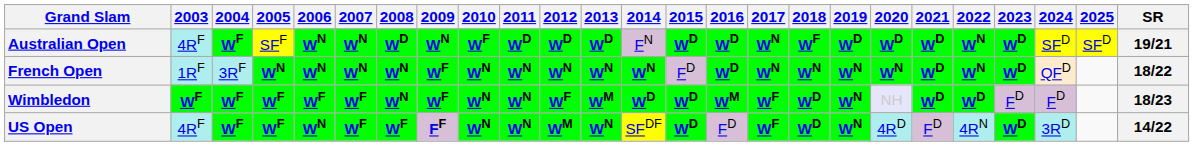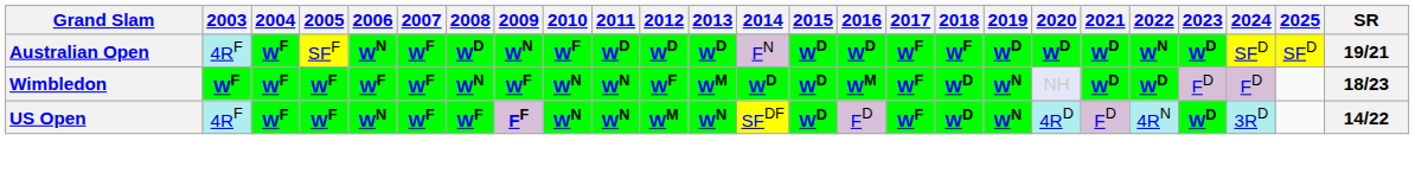 <table class="wikitable nowrap" style="text-align:center; font-size:90%">
 <tr>
 <th width="150"><a href='#'>Grand Slam</a></th>
 <th><a href='#'>2003</a></th>
 <th><a href='#'>2004</a></th>
 <th><a href='#'>2005</a></th>
 <th><a href='#'>2006</a></th>
 <th><a href='#'>2007</a></th>
 <th><a href='#'>2008</a></th>
 <th><a href='#'>2009</a></th>
 <th><a href='#'>2010</a></th>
 <th><a href='#'>2011</a></th>
 <th><a href='#'>2012</a></th>
 <th><a href='#'>2013</a></th>
 <th><a href='#'>2014</a></th>
 <th><a href='#'>2015</a></th>
 <th><a href='#'>2016</a></th>
 <th><a href='#'>2017</a></th>
 <th><a href='#'>2018</a></th>
 <th><a href='#'>2019</a></th>
 <th><a href='#'>2020</a></th>
 <th><a href='#'>2021</a></th>
 <th><a href='#'>2022</a></th>
 <th><a href='#'>2023</a></th>
 <th><a href='#'>2024</a></th>
 <th><a href='#'>2025</a></th>
 <th width="60">SR</th>
 </tr>
 <tr>
 <th scope="row" style="text-align:left"><a href='#'>Australian Open</a></th>
 <td style="background-color:#afeeee"><a href='#'>4R</a><sup>F</sup></td>
 <td style="background-color:lime"><a href='#'><strong>W</strong></a><strong><sup>F</sup></strong></td>
 <td style="background-color:yellow"><a href='#'>SF</a><sup>F</sup></td>
 <td style="background-color:lime"><a href='#'><strong>W</strong></a><strong><sup>N</sup></strong></td>
-<td style="background-color:lime"><a href='#'><strong>W</strong></a><strong><sup>N</sup></strong></td>
+<td style="background-color:lime"><a href='#'><strong>W</strong></a><strong><sup>F</sup></strong></td>
 <td style="background-color:lime"><a href='#'><strong>W</strong></a><strong><sup>D</sup></strong></td>
 <td style="background-color:lime"><a href='#'><strong>W</strong></a><strong><sup>N</sup></strong></td>
 <td style="background-color:lime"><a href='#'><strong>W</strong></a><strong><sup>F</sup></strong></td>
 <td style="background-color:lime"><a href='#'><strong>W</strong></a><strong><sup>D</sup></strong></td>
 <td style="background-color:lime"><a href='#'><strong>W</strong></a><strong><sup>D</sup></strong></td>
 <td style="background-color:lime"><a href='#'><strong>W</strong></a><strong><sup>D</sup></strong></td>
 <td style="background-color:thistle"><a href='#'>F</a><sup>N</sup></td>
 <td style="background-color:lime"><a href='#'><strong>W</strong></a><strong><sup>D</sup></strong></td>
 <td style="background-color:lime"><a href='#'><strong>W</strong></a><strong><sup>D</sup></strong></td>
-<td style="background-color:lime"><a href='#'><strong>W</strong></a><strong><sup>N</sup></strong></td>
+<td style="background-color:lime"><a href='#'><strong>W</strong></a><strong><sup>F</sup></strong></td>
 <td style="background-color:lime"><a href='#'><strong>W</strong></a><strong><sup>F</sup></strong></td>
 <td style="background-color:lime"><a href='#'><strong>W</strong></a><strong><sup>D</sup></strong></td>
 <td style="background-color:lime"><a href='#'><strong>W</strong></a><strong><sup>D</sup></strong></td>
 <td style="background-color:lime"><a href='#'><strong>W</strong></a><strong><sup>D</sup></strong></td>
 <td style="background-color:lime"><a href='#'><strong>W</strong></a><strong><sup>N</sup></strong></td>
 <td style="background-color:lime"><a href='#'><strong>W</strong></a><strong><sup>D</sup></strong></td>
 <td style="background-color:yellow"><a href='#'>SF</a><sup>D</sup></td>
 <td style="background-color:yellow"><a href='#'>SF</a><sup>D</sup></td>
 <th>19/21</th>
-</tr>
-<tr>
-<th scope="row" style="text-align:left"><a href='#'>French Open</a></th>
-<td style="background-color:#afeeee"><a href='#'>1R</a><sup>F</sup></td>
-<td style="background-color:#afeeee"><a href='#'>3R</a><sup>F</sup></td>
-<td style="background-color:lime"><a href='#'><strong>W</strong></a><strong><sup>N</sup></strong></td>
-<td style="background-color:lime"><a href='#'><strong>W</strong></a><strong><sup>N</sup></strong></td>
-<td style="background-color:lime"><a href='#'><strong>W</strong></a><strong><sup>N</sup></strong></td>
-<td style="background-color:lime"><a href='#'><strong>W</strong></a><strong><sup>N</sup></strong></td>
-<td style="background-color:lime"><a href='#'><strong>W</strong></a><strong><sup>F</sup></strong></td>
-<td style="background-color:lime"><a href='#'><strong>W</strong></a><strong><sup>N</sup></strong></td>
-<td style="background-color:lime"><a href='#'><strong>W</strong></a><strong><sup>N</sup></strong></td>
-<td style="background-color:lime"><a href='#'><strong>W</strong></a><strong><sup>N</sup></strong></td>
-<td style="background-color:lime"><a href='#'><strong>W</strong></a><strong><sup>N</sup></strong></td>
-<td style="background-color:lime"><a href='#'><strong>W</strong></a><strong><sup>N</sup></strong></td>
-<td style="background-color:thistle"><a href='#'>F</a><sup>D</sup></td>
-<td style="background-color:lime"><a href='#'><strong>W</strong></a><strong><sup>D</sup></strong></td>
-<td style="background-color:lime"><a href='#'><strong>W</strong></a><strong><sup>N</sup></strong></td>
-<td style="background-color:lime"><a href='#'><strong>W</strong></a><strong><sup>N</sup></strong></td>
-<td style="background-color:lime"><a href='#'><strong>W</strong></a><strong><sup>N</sup></strong></td>
-<td style="background-color:lime"><a href='#'><strong>W</strong></a><strong><sup>N</sup></strong></td>
-<td style="background-color:lime"><a href='#'><strong>W</strong></a><strong><sup>D</sup></strong></td>
-<td style="background-color:lime"><a href='#'><strong>W</strong></a><strong><sup>N</sup></strong></td>
-<td style="background-color:lime"><a href='#'><strong>W</strong></a><strong><sup>D</sup></strong></td>
-<td style="background-color:blanchedalmond"><a href='#'>QF</a><sup>D</sup></td>
-<td></td>
-<th>18/22</th>
 </tr>
 <tr>
 <th scope="row" style="text-align:left"><a href='#'>Wimbledon</a></th>
 <td style="background-color:lime"><a href='#'><strong>W</strong></a><strong><sup>F</sup></strong></td>
 <td style="background-color:lime"><a href='#'><strong>W</strong></a><strong><sup>F</sup></strong></td>
 <td style="background-color:lime"><a href='#'><strong>W</strong></a><strong><sup>F</sup></strong></td>
 <td style="background-color:lime"><a href='#'><strong>W</strong></a><strong><sup>F</sup></strong></td>
 <td style="background-color:lime"><a href='#'><strong>W</strong></a><strong><sup>F</sup></strong></td>
 <td style="background-color:lime"><a href='#'><strong>W</strong></a><strong><sup>N</sup></strong></td>
 <td style="background-color:lime"><a href='#'><strong>W</strong></a><strong><sup>F</sup></strong></td>
 <td style="background-color:lime"><a href='#'><strong>W</strong></a><strong><sup>N</sup></strong></td>
 <td style="background-color:lime"><a href='#'><strong>W</strong></a><strong><sup>N</sup></strong></td>
 <td style="background-color:lime"><a href='#'><strong>W</strong></a><strong><sup>F</sup></strong></td>
 <td style="background-color:lime"><a href='#'><strong>W</strong></a><strong><sup>M</sup></strong></td>
 <td style="background-color:lime"><a href='#'><strong>W</strong></a><strong><sup>D</sup></strong></td>
 <td style="background-color:lime"><a href='#'><strong>W</strong></a><strong><sup>D</sup></strong></td>
 <td style="background-color:lime"><a href='#'><strong>W</strong></a><strong><sup>M</sup></strong></td>
 <td style="background-color:lime"><a href='#'><strong>W</strong></a><strong><sup>F</sup></strong></td>
 <td style="background-color:lime"><a href='#'><strong>W</strong></a><strong><sup>D</sup></strong></td>
 <td style="background-color:lime"><a href='#'><strong>W</strong></a><strong><sup>N</sup></strong></td>
 <td style="background: lavender; color:#cccccc;">NH</td>
 <td style="background-color:lime"><a href='#'><strong>W</strong></a><strong><sup>D</sup></strong></td>
 <td style="background-color:lime"><a href='#'><strong>W</strong></a><strong><sup>D</sup></strong></td>
 <td style="background-color:thistle"><a href='#'>F</a><sup>D</sup></td>
 <td style="background-color:thistle"><a href='#'>F</a><sup>D</sup></td>
 <td></td>
 <th>18/23</th>
 </tr>
 <tr>
 <th scope="row" style="text-align:left"><a href='#'>US Open</a></th>
 <td style="background-color:#afeeee"><a href='#'>4R</a><sup>F</sup></td>
 <td style="background-color:lime"><a href='#'><strong>W</strong></a><strong><sup>F</sup></strong></td>
 <td style="background-color:lime"><a href='#'><strong>W</strong></a><strong><sup>F</sup></strong></td>
 <td style="background-color:lime"><a href='#'><strong>W</strong></a><strong><sup>N</sup></strong></td>
 <td style="background-color:lime"><a href='#'><strong>W</strong></a><strong><sup>F</sup></strong></td>
 <td style="background-color:lime"><a href='#'><strong>W</strong></a><strong><sup>F</sup></strong></td>
 <td style="background-color:thistle"><strong><a href='#'>F</a><sup>F</sup></strong></td>
 <td style="background-color:lime"><a href='#'><strong>W</strong></a><strong><sup>N</sup></strong></td>
 <td style="background-color:lime"><a href='#'><strong>W</strong></a><strong><sup>N</sup></strong></td>
 <td style="background-color:lime"><a href='#'><strong>W</strong></a><strong><sup>M</sup></strong></td>
 <td style="background-color:lime"><a href='#'><strong>W</strong></a><strong><sup>N</sup></strong></td>
 <td style="background-color:yellow"><a href='#'>SF</a><sup>DF</sup></td>
 <td style="background-color:lime"><a href='#'><strong>W</strong></a><strong><sup>D</sup></strong></td>
 <td style="background-color:thistle"><a href='#'>F</a><sup>D</sup></td>
 <td style="background-color:lime"><a href='#'><strong>W</strong></a><strong><sup>F</sup></strong></td>
 <td style="background-color:lime"><a href='#'><strong>W</strong></a><strong><sup>D</sup></strong></td>
 <td style="background-color:lime"><a href='#'><strong>W</strong></a><strong><sup>N</sup></strong></td>
 <td style="background-color:#afeeee"><a href='#'>4R</a><sup>D</sup></td>
 <td style="background-color:thistle"><a href='#'>F</a><sup>D</sup></td>
 <td style="background-color:#afeeee"><a href='#'>4R</a><sup>N</sup></td>
 <td style="background-color:lime"><a href='#'><strong>W</strong></a><strong><sup>D</sup></strong></td>
 <td style="background-color:#afeeee"><a href='#'>3R</a><sup>D</sup></td>
 <td></td>
 <th>14/22</th>
 </tr>
 </table>
